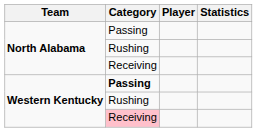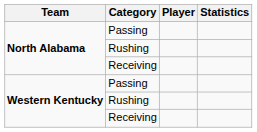 <table class="wikitable" style="float: right;">
 <tr>
 <th>Team</th>
 <th>Category</th>
 <th>Player</th>
 <th>Statistics</th>
 </tr>
 <tr>
 <td rowspan=3><strong>North Alabama</strong></td>
 <td>Passing</td>
 <td></td>
 <td></td>
 </tr>
 <tr>
 <td>Rushing</td>
 <td></td>
 <td></td>
 </tr>
 <tr>
 <td>Receiving</td>
 <td></td>
 <td></td>
 </tr>
 <tr>
 <td rowspan=3><strong>Western Kentucky</strong></td>
-<td><strong>Passing</strong></td>
+<td>Passing</td>
 <td></td>
 <td></td>
 </tr>
 <tr>
 <td>Rushing</td>
 <td></td>
 <td></td>
 </tr>
 <tr>
-<td style="background: pink;">Receiving</td>
+<td>Receiving</td>
 <td></td>
 <td></td>
 </tr>
 </table>
